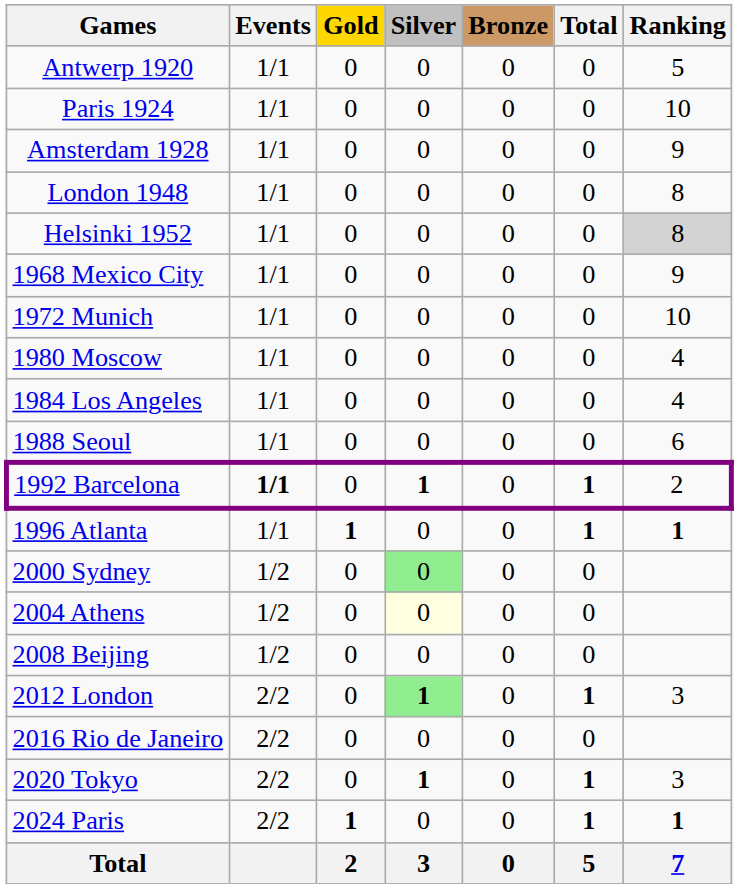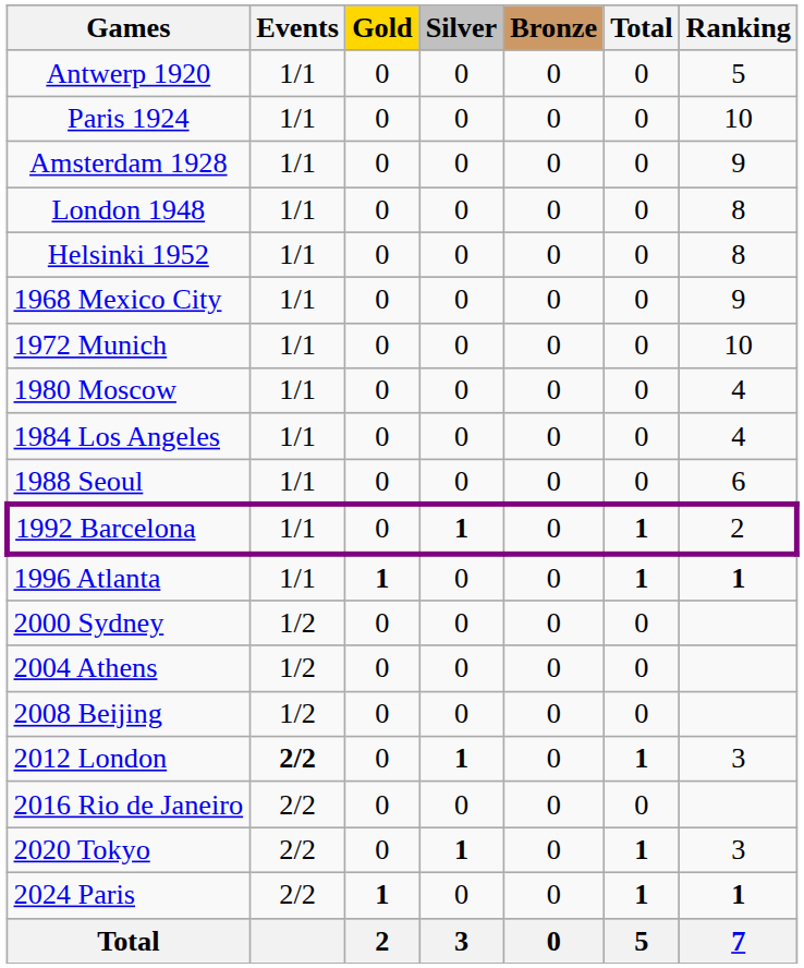 <table class="wikitable sortable" style="text-align:center">
 <tr>
 <th>Games</th>
 <th>Events</th>
 <th style="background-color:gold;">Gold</th>
 <th style="background-color:silver;">Silver</th>
 <th style="background-color:#c96;">Bronze</th>
 <th>Total</th>
 <th>Ranking</th>
 </tr>
 <tr>
 <td> <a href='#'>Antwerp 1920</a></td>
 <td>1/1</td>
 <td>0</td>
 <td>0</td>
 <td>0</td>
 <td>0</td>
 <td>5</td>
 </tr>
 <tr>
 <td> <a href='#'>Paris 1924</a></td>
 <td>1/1</td>
 <td>0</td>
 <td>0</td>
 <td>0</td>
 <td>0</td>
 <td>10</td>
 </tr>
 <tr>
 <td> <a href='#'>Amsterdam 1928</a></td>
 <td>1/1</td>
 <td>0</td>
 <td>0</td>
 <td>0</td>
 <td>0</td>
 <td>9</td>
 </tr>
 <tr>
 <td> <a href='#'>London 1948</a></td>
 <td>1/1</td>
 <td>0</td>
 <td>0</td>
 <td>0</td>
 <td>0</td>
 <td>8</td>
 </tr>
 <tr>
 <td> <a href='#'>Helsinki 1952</a></td>
 <td>1/1</td>
 <td>0</td>
 <td>0</td>
 <td>0</td>
 <td>0</td>
-<td style="background: lightgrey;">8</td>
+<td>8</td>
 </tr>
 <tr>
 <td align="left"> <a href='#'>1968 Mexico City</a></td>
 <td>1/1</td>
 <td>0</td>
 <td>0</td>
 <td>0</td>
 <td>0</td>
 <td>9</td>
 </tr>
 <tr>
 <td align="left"> <a href='#'>1972 Munich</a></td>
 <td>1/1</td>
 <td>0</td>
 <td>0</td>
 <td>0</td>
 <td>0</td>
 <td>10</td>
 </tr>
 <tr>
 <td align="left"> <a href='#'>1980 Moscow</a></td>
 <td>1/1</td>
 <td>0</td>
 <td>0</td>
 <td>0</td>
 <td>0</td>
 <td>4</td>
 </tr>
 <tr>
 <td align="left"> <a href='#'>1984 Los Angeles</a></td>
 <td>1/1</td>
 <td>0</td>
 <td>0</td>
 <td>0</td>
 <td>0</td>
 <td>4</td>
 </tr>
 <tr>
 <td align="left"> <a href='#'>1988 Seoul</a></td>
 <td>1/1</td>
 <td>0</td>
 <td>0</td>
 <td>0</td>
 <td>0</td>
 <td>6</td>
 </tr>
 <tr>
 </tr>
 <tr align=center style="border: 3px solid purple">
 <td align=left> <a href='#'>1992 Barcelona</a></td>
-<td><strong>1/1</strong></td>
+<td>1/1</td>
 <td>0</td>
 <td><strong>1</strong></td>
 <td>0</td>
 <td><strong>1</strong></td>
 <td>2</td>
 </tr>
 <tr>
 <td align=left> <a href='#'>1996 Atlanta</a></td>
 <td>1/1</td>
 <td><strong>1</strong></td>
 <td>0</td>
 <td>0</td>
 <td><strong>1</strong></td>
 <td><strong>1</strong></td>
 </tr>
 <tr>
 <td align=left> <a href='#'>2000 Sydney</a></td>
 <td>1/2</td>
 <td>0</td>
-<td style="background: lightgreen;">0</td>
+<td>0</td>
 <td>0</td>
 <td>0</td>
 <td></td>
 </tr>
 <tr>
 <td align=left> <a href='#'>2004 Athens</a></td>
 <td>1/2</td>
 <td>0</td>
-<td style="background: lightyellow;">0</td>
+<td>0</td>
 <td>0</td>
 <td>0</td>
 <td></td>
 </tr>
 <tr>
 <td align=left> <a href='#'>2008 Beijing</a></td>
 <td>1/2</td>
 <td>0</td>
 <td>0</td>
 <td>0</td>
 <td>0</td>
 <td></td>
 </tr>
 <tr>
 <td align=left> <a href='#'>2012 London</a></td>
-<td>2/2</td>
+<td><strong>2/2</strong></td>
 <td>0</td>
-<td style="background: lightgreen;"><strong>1</strong></td>
+<td><strong>1</strong></td>
 <td>0</td>
 <td><strong>1</strong></td>
 <td>3</td>
 </tr>
 <tr>
 <td align=left> <a href='#'>2016 Rio de Janeiro</a></td>
 <td>2/2</td>
 <td>0</td>
 <td>0</td>
 <td>0</td>
 <td>0</td>
 <td></td>
 </tr>
 <tr>
 <td align=left> <a href='#'>2020 Tokyo</a></td>
 <td>2/2</td>
 <td>0</td>
 <td><strong>1</strong></td>
 <td>0</td>
 <td><strong>1</strong></td>
 <td>3</td>
 </tr>
 <tr>
 <td align=left> <a href='#'>2024 Paris</a></td>
 <td>2/2</td>
 <td><strong>1</strong></td>
 <td>0</td>
 <td>0</td>
 <td><strong>1</strong></td>
 <td><strong>1</strong></td>
 </tr>
 <tr>
 <th>Total</th>
 <th></th>
 <th>2</th>
 <th>3</th>
 <th>0</th>
 <th>5</th>
 <th><a href='#'>7</a></th>
 </tr>
 </table>
